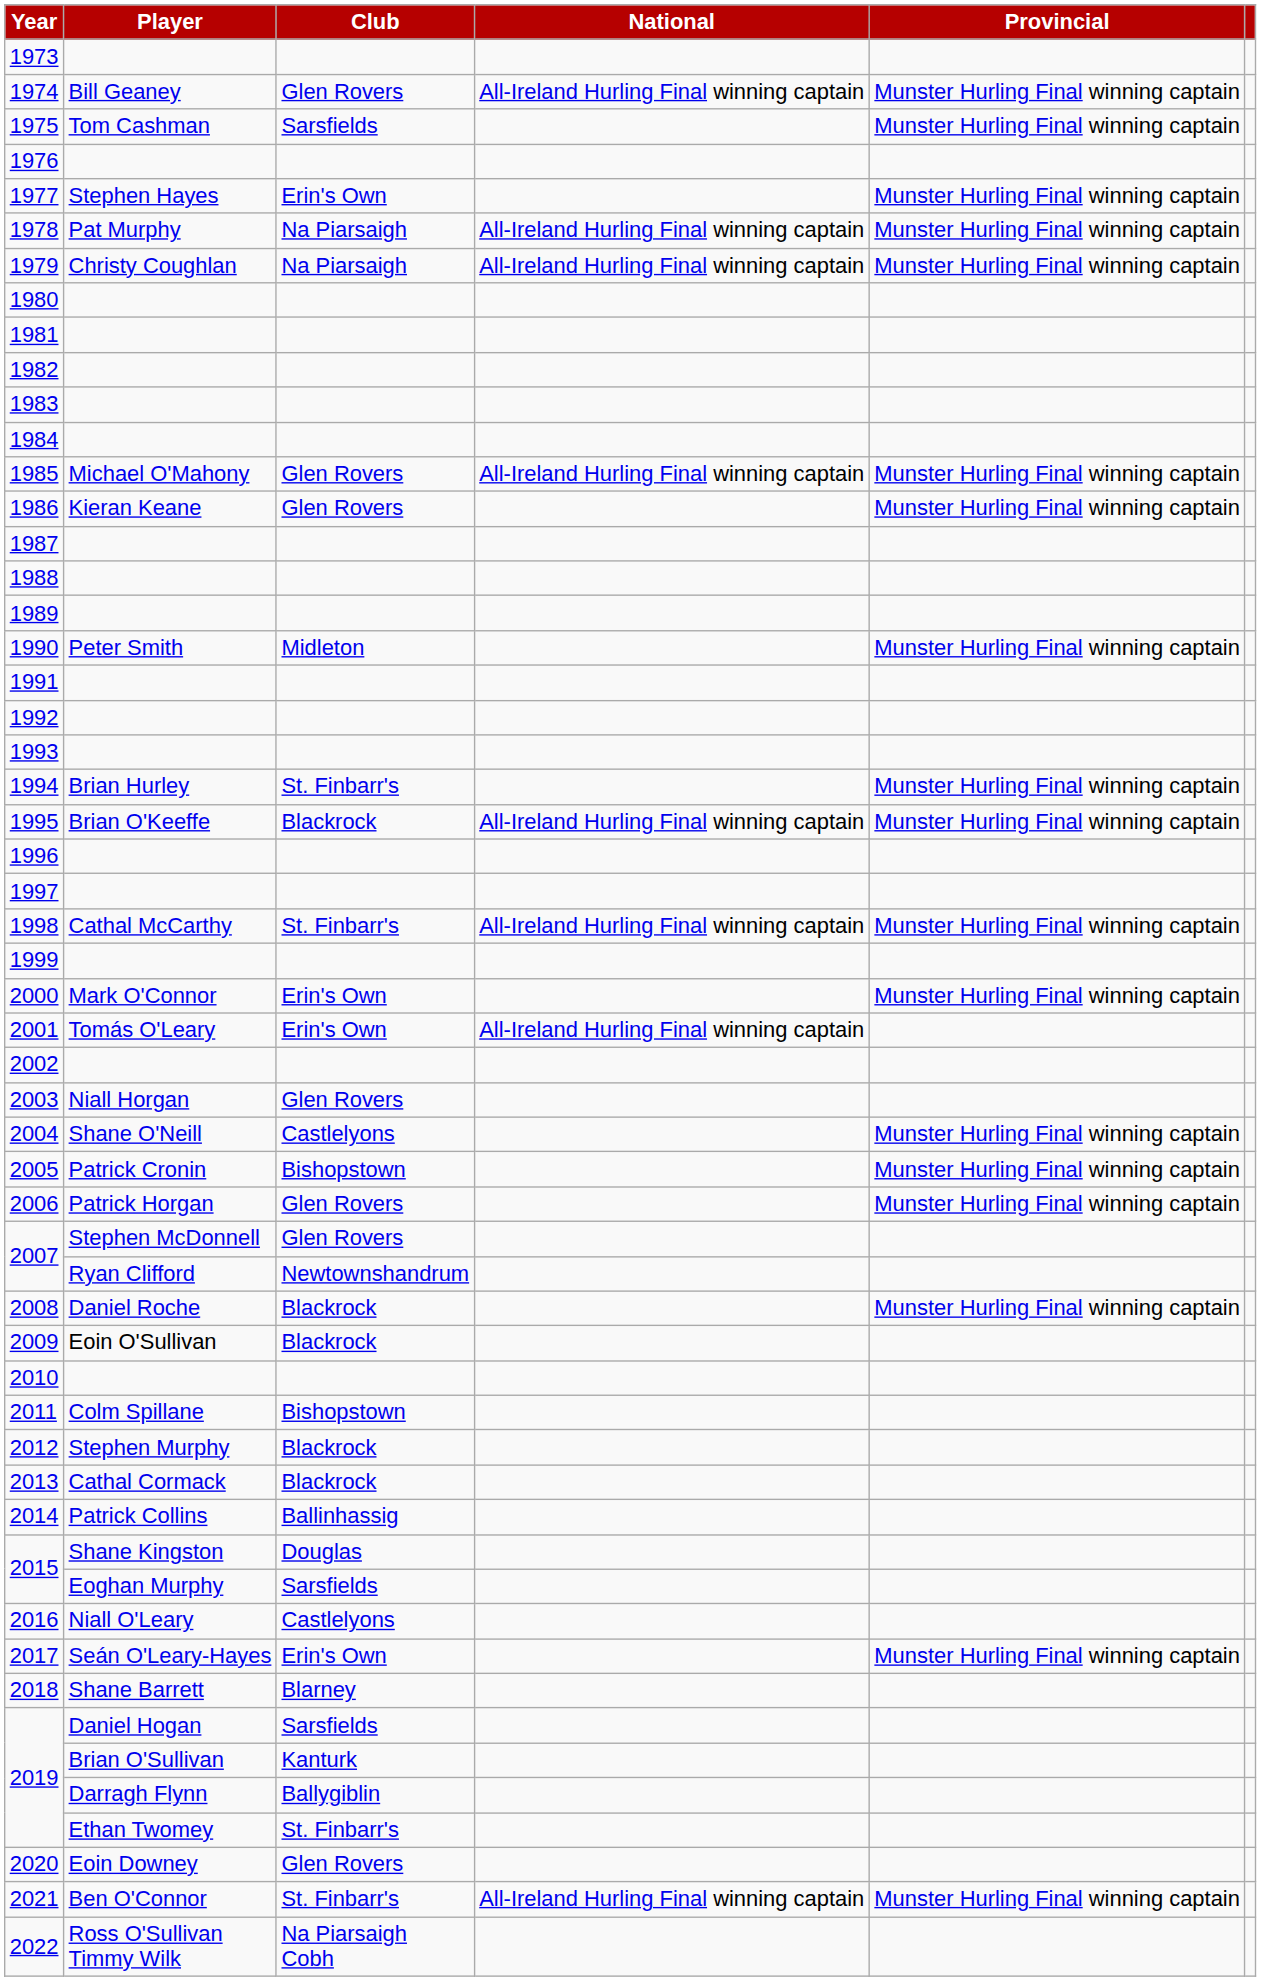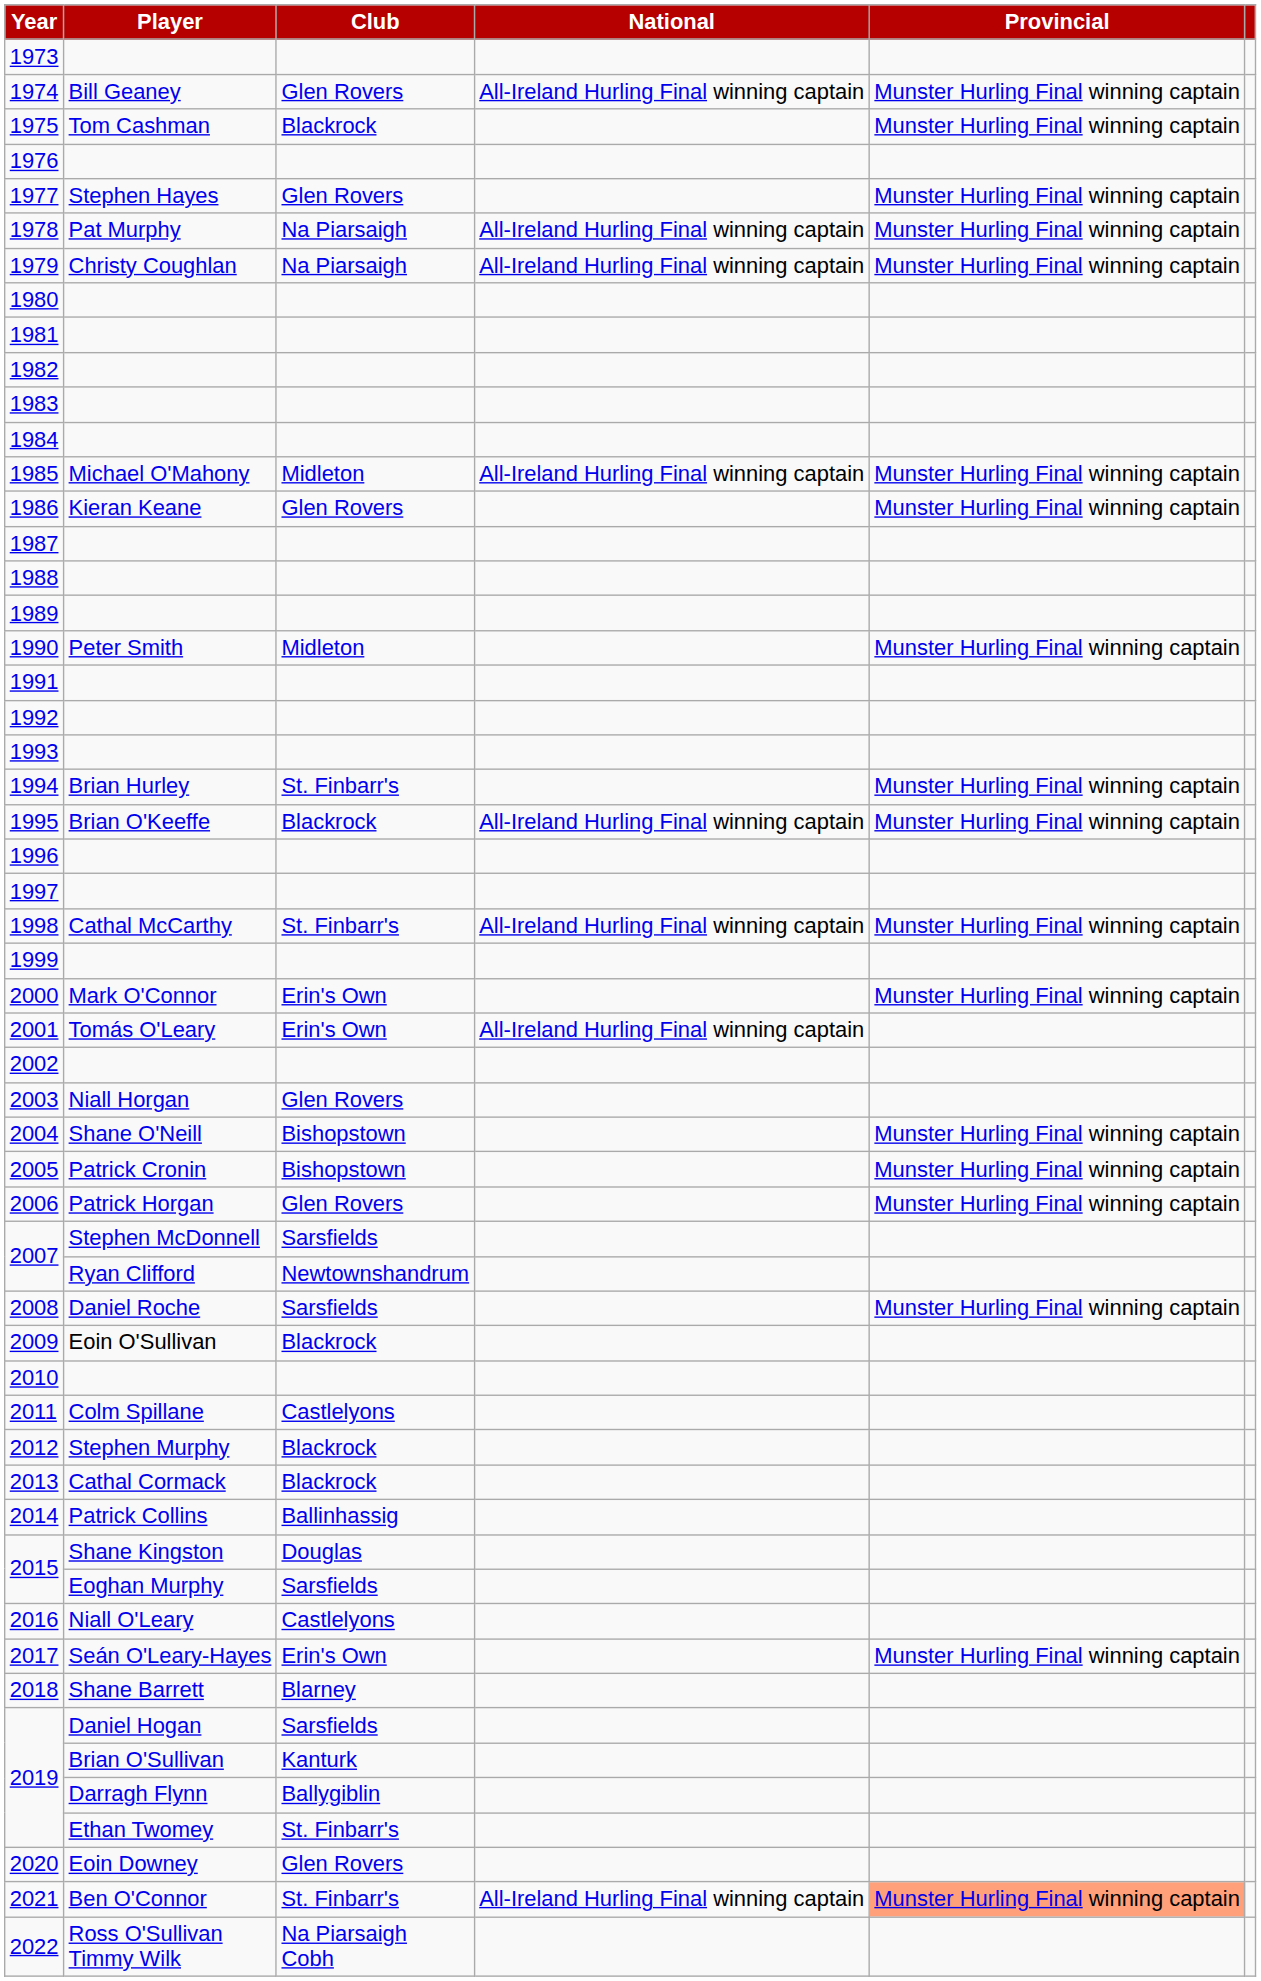 <table class="wikitable">
 <tr style="text-align:center;background:#B60000;color:white">
 <td><strong>Year</strong></td>
 <td><strong>Player</strong></td>
 <td><strong>Club</strong></td>
 <td><strong>National</strong></td>
 <td><strong>Provincial</strong></td>
 <td></td>
 </tr>
 <tr>
 <td style="text-align:left;"><a href='#'>1973</a></td>
 <td style="text-align:left;"></td>
 <td style="text-align:left;"></td>
 <td></td>
 <td></td>
 <td></td>
 </tr>
 <tr>
 <td style="text-align:left;"><a href='#'>1974</a></td>
 <td style="text-align:left;"><a href='#'>Bill Geaney</a></td>
 <td style="text-align:left;"><a href='#'>Glen Rovers</a></td>
 <td><a href='#'>All-Ireland Hurling Final</a> winning captain</td>
 <td><a href='#'>Munster Hurling Final</a> winning captain</td>
 <td></td>
 </tr>
 <tr>
 <td style="text-align:left;"><a href='#'>1975</a></td>
 <td style="text-align:left;"><a href='#'>Tom Cashman</a></td>
-<td style="text-align:left;"><a href='#'>Sarsfields</a></td>
+<td style="text-align:left;"><a href='#'>Blackrock</a></td>
 <td></td>
 <td><a href='#'>Munster Hurling Final</a> winning captain</td>
 <td></td>
 </tr>
 <tr>
 <td style="text-align:left;"><a href='#'>1976</a></td>
 <td style="text-align:left;"></td>
 <td style="text-align:left;"></td>
 <td></td>
 <td></td>
 <td></td>
 </tr>
 <tr>
 <td style="text-align:left;"><a href='#'>1977</a></td>
 <td style="text-align:left;"><a href='#'>Stephen Hayes</a></td>
-<td style="text-align:left;"><a href='#'>Erin's Own</a></td>
+<td style="text-align:left;"><a href='#'>Glen Rovers</a></td>
 <td></td>
 <td><a href='#'>Munster Hurling Final</a> winning captain</td>
 <td></td>
 </tr>
 <tr>
 <td style="text-align:left;"><a href='#'>1978</a></td>
 <td style="text-align:left;"><a href='#'>Pat Murphy</a></td>
 <td style="text-align:left;"><a href='#'>Na Piarsaigh</a></td>
 <td><a href='#'>All-Ireland Hurling Final</a> winning captain</td>
 <td><a href='#'>Munster Hurling Final</a> winning captain</td>
 <td></td>
 </tr>
 <tr>
 <td style="text-align:left;"><a href='#'>1979</a></td>
 <td style="text-align:left;"><a href='#'>Christy Coughlan</a></td>
 <td style="text-align:left;"><a href='#'>Na Piarsaigh</a></td>
 <td><a href='#'>All-Ireland Hurling Final</a> winning captain</td>
 <td><a href='#'>Munster Hurling Final</a> winning captain</td>
 <td></td>
 </tr>
 <tr>
 <td style="text-align:left;"><a href='#'>1980</a></td>
 <td style="text-align:left;"></td>
 <td style="text-align:left;"></td>
 <td></td>
 <td></td>
 <td></td>
 </tr>
 <tr>
 <td style="text-align:left;"><a href='#'>1981</a></td>
 <td style="text-align:left;"></td>
 <td style="text-align:left;"></td>
 <td></td>
 <td></td>
 <td></td>
 </tr>
 <tr>
 <td style="text-align:left;"><a href='#'>1982</a></td>
 <td style="text-align:left;"></td>
 <td style="text-align:left;"></td>
 <td></td>
 <td></td>
 <td></td>
 </tr>
 <tr>
 <td style="text-align:left;"><a href='#'>1983</a></td>
 <td style="text-align:left;"></td>
 <td style="text-align:left;"></td>
 <td></td>
 <td></td>
 <td></td>
 </tr>
 <tr>
 <td style="text-align:left;"><a href='#'>1984</a></td>
 <td style="text-align:left;"></td>
 <td style="text-align:left;"></td>
 <td></td>
 <td></td>
 <td></td>
 </tr>
 <tr>
 <td style="text-align:left;"><a href='#'>1985</a></td>
 <td style="text-align:left;"><a href='#'>Michael O'Mahony</a></td>
-<td style="text-align:left;"><a href='#'>Glen Rovers</a></td>
+<td style="text-align:left;"><a href='#'>Midleton</a></td>
 <td><a href='#'>All-Ireland Hurling Final</a> winning captain</td>
 <td><a href='#'>Munster Hurling Final</a> winning captain</td>
 <td></td>
 </tr>
 <tr>
 <td style="text-align:left;"><a href='#'>1986</a></td>
 <td style="text-align:left;"><a href='#'>Kieran Keane</a></td>
 <td style="text-align:left;"><a href='#'>Glen Rovers</a></td>
 <td></td>
 <td><a href='#'>Munster Hurling Final</a> winning captain</td>
 <td></td>
 </tr>
 <tr>
 <td style="text-align:left;"><a href='#'>1987</a></td>
 <td style="text-align:left;"></td>
 <td style="text-align:left;"></td>
 <td></td>
 <td></td>
 <td></td>
 </tr>
 <tr>
 <td style="text-align:left;"><a href='#'>1988</a></td>
 <td style="text-align:left;"></td>
 <td style="text-align:left;"></td>
 <td></td>
 <td></td>
 <td></td>
 </tr>
 <tr>
 <td style="text-align:left;"><a href='#'>1989</a></td>
 <td style="text-align:left;"></td>
 <td style="text-align:left;"></td>
 <td></td>
 <td></td>
 <td></td>
 </tr>
 <tr>
 <td style="text-align:left;"><a href='#'>1990</a></td>
 <td style="text-align:left;"><a href='#'>Peter Smith</a></td>
 <td style="text-align:left;"><a href='#'>Midleton</a></td>
 <td></td>
 <td><a href='#'>Munster Hurling Final</a> winning captain</td>
 <td></td>
 </tr>
 <tr>
 <td style="text-align:left;"><a href='#'>1991</a></td>
 <td style="text-align:left;"></td>
 <td style="text-align:left;"></td>
 <td></td>
 <td></td>
 <td></td>
 </tr>
 <tr>
 <td style="text-align:left;"><a href='#'>1992</a></td>
 <td style="text-align:left;"></td>
 <td style="text-align:left;"></td>
 <td></td>
 <td></td>
 <td></td>
 </tr>
 <tr>
 <td style="text-align:left;"><a href='#'>1993</a></td>
 <td style="text-align:left;"></td>
 <td style="text-align:left;"></td>
 <td></td>
 <td></td>
 <td></td>
 </tr>
 <tr>
 <td style="text-align:left;"><a href='#'>1994</a></td>
 <td style="text-align:left;"><a href='#'>Brian Hurley</a></td>
 <td style="text-align:left;"><a href='#'>St. Finbarr's</a></td>
 <td></td>
 <td><a href='#'>Munster Hurling Final</a> winning captain</td>
 <td></td>
 </tr>
 <tr>
 <td style="text-align:left;"><a href='#'>1995</a></td>
 <td style="text-align:left;"><a href='#'>Brian O'Keeffe</a></td>
 <td style="text-align:left;"><a href='#'>Blackrock</a></td>
 <td><a href='#'>All-Ireland Hurling Final</a> winning captain</td>
 <td><a href='#'>Munster Hurling Final</a> winning captain</td>
 <td></td>
 </tr>
 <tr>
 <td style="text-align:left;"><a href='#'>1996</a></td>
 <td style="text-align:left;"></td>
 <td style="text-align:left;"></td>
 <td></td>
 <td></td>
 <td></td>
 </tr>
 <tr>
 <td style="text-align:left;"><a href='#'>1997</a></td>
 <td style="text-align:left;"></td>
 <td style="text-align:left;"></td>
 <td></td>
 <td></td>
 <td></td>
 </tr>
 <tr>
 <td style="text-align:left;"><a href='#'>1998</a></td>
 <td style="text-align:left;"><a href='#'>Cathal McCarthy</a></td>
 <td style="text-align:left;"><a href='#'>St. Finbarr's</a></td>
 <td><a href='#'>All-Ireland Hurling Final</a> winning captain</td>
 <td><a href='#'>Munster Hurling Final</a> winning captain</td>
 <td></td>
 </tr>
 <tr>
 <td style="text-align:left;"><a href='#'>1999</a></td>
 <td style="text-align:left;"></td>
 <td style="text-align:left;"></td>
 <td></td>
 <td></td>
 <td></td>
 </tr>
 <tr>
 <td style="text-align:left;"><a href='#'>2000</a></td>
 <td style="text-align:left;"><a href='#'>Mark O'Connor</a></td>
 <td style="text-align:left;"><a href='#'>Erin's Own</a></td>
 <td></td>
 <td><a href='#'>Munster Hurling Final</a> winning captain</td>
 <td></td>
 </tr>
 <tr>
 <td style="text-align:left;"><a href='#'>2001</a></td>
 <td style="text-align:left;"><a href='#'>Tomás O'Leary</a></td>
 <td style="text-align:left;"><a href='#'>Erin's Own</a></td>
 <td><a href='#'>All-Ireland Hurling Final</a> winning captain</td>
 <td></td>
 <td></td>
 </tr>
 <tr>
 <td style="text-align:left;"><a href='#'>2002</a></td>
 <td style="text-align:left;"></td>
 <td style="text-align:left;"></td>
 <td></td>
 <td></td>
 <td></td>
 </tr>
 <tr>
 <td style="text-align:left;"><a href='#'>2003</a></td>
 <td style="text-align:left;"><a href='#'>Niall Horgan</a></td>
 <td style="text-align:left;"><a href='#'>Glen Rovers</a></td>
 <td></td>
 <td></td>
 <td></td>
 </tr>
 <tr>
 <td style="text-align:left;"><a href='#'>2004</a></td>
 <td style="text-align:left;"><a href='#'>Shane O'Neill</a></td>
-<td style="text-align:left;"><a href='#'>Castlelyons</a></td>
+<td style="text-align:left;"><a href='#'>Bishopstown</a></td>
 <td></td>
 <td><a href='#'>Munster Hurling Final</a> winning captain</td>
 <td></td>
 </tr>
 <tr>
 <td style="text-align:left;"><a href='#'>2005</a></td>
 <td style="text-align:left;"><a href='#'>Patrick Cronin</a></td>
 <td style="text-align:left;"><a href='#'>Bishopstown</a></td>
 <td></td>
 <td><a href='#'>Munster Hurling Final</a> winning captain</td>
 <td></td>
 </tr>
 <tr>
 <td style="text-align:left;"><a href='#'>2006</a></td>
 <td style="text-align:left;"><a href='#'>Patrick Horgan</a></td>
 <td style="text-align:left;"><a href='#'>Glen Rovers</a></td>
 <td></td>
 <td><a href='#'>Munster Hurling Final</a> winning captain</td>
 <td></td>
 </tr>
 <tr>
 <td rowspan=2><a href='#'>2007</a></td>
 <td style="text-align:left;"><a href='#'>Stephen McDonnell</a></td>
-<td style="text-align:left;"><a href='#'>Glen Rovers</a></td>
+<td style="text-align:left;"><a href='#'>Sarsfields</a></td>
 <td></td>
 <td></td>
 <td></td>
 </tr>
 <tr>
 <td style="text-align:left;"><a href='#'>Ryan Clifford</a></td>
 <td style="text-align:left;"><a href='#'>Newtownshandrum</a></td>
 <td></td>
 <td></td>
 <td></td>
 </tr>
 <tr>
 <td style="text-align:left;"><a href='#'>2008</a></td>
 <td style="text-align:left;"><a href='#'>Daniel Roche</a></td>
-<td style="text-align:left;"><a href='#'>Blackrock</a></td>
+<td style="text-align:left;"><a href='#'>Sarsfields</a></td>
 <td></td>
 <td><a href='#'>Munster Hurling Final</a> winning captain</td>
 <td></td>
 </tr>
 <tr>
 <td style="text-align:left;"><a href='#'>2009</a></td>
 <td style="text-align:left;">Eoin O'Sullivan</td>
 <td style="text-align:left;"><a href='#'>Blackrock</a></td>
 <td></td>
 <td></td>
 <td></td>
 </tr>
 <tr>
 <td style="text-align:left;"><a href='#'>2010</a></td>
 <td style="text-align:left;"></td>
 <td style="text-align:left;"></td>
 <td></td>
 <td></td>
 <td></td>
 </tr>
 <tr>
 <td style="text-align:left;"><a href='#'>2011</a></td>
 <td style="text-align:left;"><a href='#'>Colm Spillane</a></td>
-<td style="text-align:left;"><a href='#'>Bishopstown</a></td>
+<td style="text-align:left;"><a href='#'>Castlelyons</a></td>
 <td></td>
 <td></td>
 <td></td>
 </tr>
 <tr>
 <td style="text-align:left;"><a href='#'>2012</a></td>
 <td style="text-align:left;"><a href='#'>Stephen Murphy</a></td>
 <td style="text-align:left;"><a href='#'>Blackrock</a></td>
 <td></td>
 <td></td>
 <td></td>
 </tr>
 <tr>
 <td style="text-align:left;"><a href='#'>2013</a></td>
 <td style="text-align:left;"><a href='#'>Cathal Cormack</a></td>
 <td style="text-align:left;"><a href='#'>Blackrock</a></td>
 <td></td>
 <td></td>
 <td></td>
 </tr>
 <tr>
 <td style="text-align:left;"><a href='#'>2014</a></td>
 <td style="text-align:left;"><a href='#'>Patrick Collins</a></td>
 <td style="text-align:left;"><a href='#'>Ballinhassig</a></td>
 <td></td>
 <td></td>
 <td></td>
 </tr>
 <tr>
 <td rowspan=2><a href='#'>2015</a></td>
 <td style="text-align:left;"><a href='#'>Shane Kingston</a></td>
 <td style="text-align:left;"><a href='#'>Douglas</a></td>
 <td></td>
 <td></td>
 <td></td>
 </tr>
 <tr>
 <td style="text-align:left;"><a href='#'>Eoghan Murphy</a></td>
 <td style="text-align:left;"><a href='#'>Sarsfields</a></td>
 <td></td>
 <td></td>
 <td></td>
 </tr>
 <tr>
 <td style="text-align:left;"><a href='#'>2016</a></td>
 <td style="text-align:left;"><a href='#'>Niall O'Leary</a></td>
 <td style="text-align:left;"><a href='#'>Castlelyons</a></td>
 <td></td>
 <td></td>
 <td></td>
 </tr>
 <tr>
 <td style="text-align:left;"><a href='#'>2017</a></td>
 <td style="text-align:left;"><a href='#'>Seán O'Leary-Hayes</a></td>
 <td style="text-align:left;"><a href='#'>Erin's Own</a></td>
 <td></td>
 <td><a href='#'>Munster Hurling Final</a> winning captain</td>
 <td></td>
 </tr>
 <tr>
 <td style="text-align:left;"><a href='#'>2018</a></td>
 <td style="text-align:left;"><a href='#'>Shane Barrett</a></td>
 <td style="text-align:left;"><a href='#'>Blarney</a></td>
 <td></td>
 <td></td>
 <td></td>
 </tr>
 <tr>
 <td rowspan=4><a href='#'>2019</a></td>
 <td style="text-align:left;"><a href='#'>Daniel Hogan</a></td>
 <td style="text-align:left;"><a href='#'>Sarsfields</a></td>
 <td></td>
 <td></td>
 <td></td>
 </tr>
 <tr>
 <td style="text-align:left;"><a href='#'>Brian O'Sullivan</a></td>
 <td style="text-align:left;"><a href='#'>Kanturk</a></td>
 <td></td>
 <td></td>
 <td></td>
 </tr>
 <tr>
 <td style="text-align:left;"><a href='#'>Darragh Flynn</a></td>
 <td style="text-align:left;"><a href='#'>Ballygiblin</a></td>
 <td></td>
 <td></td>
 <td></td>
 </tr>
 <tr>
 <td style="text-align:left;"><a href='#'>Ethan Twomey</a></td>
 <td style="text-align:left;"><a href='#'>St. Finbarr's</a></td>
 <td></td>
 <td></td>
 <td></td>
 </tr>
 <tr>
 <td style="text-align:left;"><a href='#'>2020</a></td>
 <td style="text-align:left;"><a href='#'>Eoin Downey</a></td>
 <td style="text-align:left;"><a href='#'>Glen Rovers</a></td>
 <td></td>
 <td></td>
 <td></td>
 </tr>
 <tr>
 <td style="text-align:left;"><a href='#'>2021</a></td>
 <td style="text-align:left;"><a href='#'>Ben O'Connor</a></td>
 <td style="text-align:left;"><a href='#'>St. Finbarr's</a></td>
 <td><a href='#'>All-Ireland Hurling Final</a> winning captain</td>
-<td><a href='#'>Munster Hurling Final</a> winning captain</td>
+<td style="background: lightsalmon;"><a href='#'>Munster Hurling Final</a> winning captain</td>
 <td></td>
 </tr>
 <tr>
 <td><a href='#'>2022</a></td>
 <td style="text-align:left;"><a href='#'>Ross O'Sullivan</a><br><a href='#'>Timmy Wilk</a></td>
 <td style="text-align:left;"><a href='#'>Na Piarsaigh</a><br><a href='#'>Cobh</a></td>
 <td></td>
 <td></td>
 <td></td>
 </tr>
 </table>
